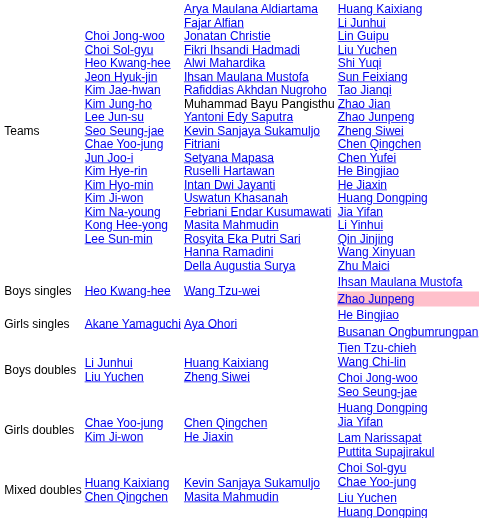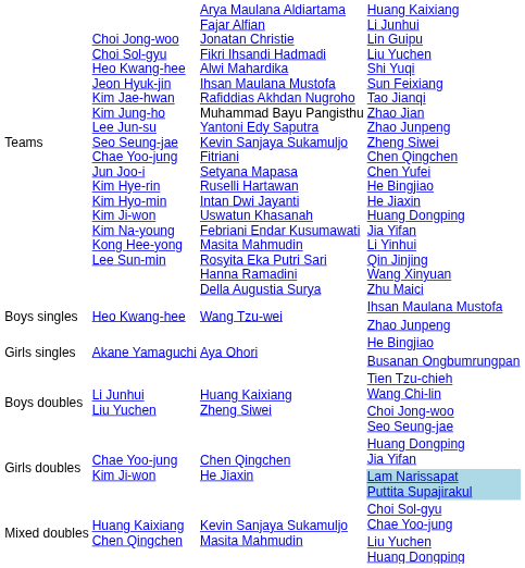 <table>
 <tr>
 <td>Teams<br></td>
 <td> <br><a href='#'>Choi Jong-woo</a><br><a href='#'>Choi Sol-gyu</a><br><a href='#'>Heo Kwang-hee</a><br><a href='#'>Jeon Hyuk-jin</a><br><a href='#'>Kim Jae-hwan</a><br><a href='#'>Kim Jung-ho</a><br><a href='#'>Lee Jun-su</a><br><a href='#'>Seo Seung-jae</a><br><a href='#'>Chae Yoo-jung</a><br><a href='#'>Jun Joo-i</a><br><a href='#'>Kim Hye-rin</a><br><a href='#'>Kim Hyo-min</a><br><a href='#'>Kim Ji-won</a><br><a href='#'>Kim Na-young</a><br><a href='#'>Kong Hee-yong</a><br><a href='#'>Lee Sun-min</a></td>
 <td> <br><a href='#'>Arya Maulana Aldiartama</a><br><a href='#'>Fajar Alfian</a><br><a href='#'>Jonatan Christie</a><br><a href='#'>Fikri Ihsandi Hadmadi</a><br><a href='#'>Alwi Mahardika</a><br><a href='#'>Ihsan Maulana Mustofa</a><br><a href='#'>Rafiddias Akhdan Nugroho</a><br>Muhammad Bayu Pangisthu<br><a href='#'>Yantoni Edy Saputra</a><br><a href='#'>Kevin Sanjaya Sukamuljo</a><br><a href='#'>Fitriani</a><br><a href='#'>Setyana Mapasa</a><br><a href='#'>Ruselli Hartawan</a><br><a href='#'>Intan Dwi Jayanti</a><br><a href='#'>Uswatun Khasanah</a><br><a href='#'>Febriani Endar Kusumawati</a><br><a href='#'>Masita Mahmudin</a><br><a href='#'>Rosyita Eka Putri Sari</a><br><a href='#'>Hanna Ramadini</a><br><a href='#'>Della Augustia Surya</a></td>
 <td> <br><a href='#'>Huang Kaixiang</a><br><a href='#'>Li Junhui</a><br><a href='#'>Lin Guipu</a><br><a href='#'>Liu Yuchen</a><br><a href='#'>Shi Yuqi</a><br><a href='#'>Sun Feixiang</a><br><a href='#'>Tao Jianqi</a><br><a href='#'>Zhao Jian</a><br><a href='#'>Zhao Junpeng</a><br><a href='#'>Zheng Siwei</a><br><a href='#'>Chen Qingchen</a><br><a href='#'>Chen Yufei</a><br><a href='#'>He Bingjiao</a><br><a href='#'>He Jiaxin</a><br><a href='#'>Huang Dongping</a><br><a href='#'>Jia Yifan</a><br><a href='#'>Li Yinhui</a><br><a href='#'>Qin Jinjing</a><br><a href='#'>Wang Xinyuan</a><br><a href='#'>Zhu Maici</a></td>
 </tr>
 <tr>
 <td rowspan=2>Boys singles<br></td>
 <td rowspan=2> <a href='#'>Heo Kwang-hee</a></td>
 <td rowspan=2> <a href='#'>Wang Tzu-wei</a></td>
 <td> <a href='#'>Ihsan Maulana Mustofa</a></td>
 </tr>
 <tr>
-<td style="background: pink;"> <a href='#'>Zhao Junpeng</a></td>
+<td> <a href='#'>Zhao Junpeng</a></td>
 </tr>
 <tr>
 <td rowspan=2>Girls singles<br></td>
 <td rowspan=2> <a href='#'>Akane Yamaguchi</a></td>
 <td rowspan=2> <a href='#'>Aya Ohori</a></td>
 <td> <a href='#'>He Bingjiao</a></td>
 </tr>
 <tr>
 <td> <a href='#'>Busanan Ongbumrungpan</a></td>
 </tr>
 <tr>
 <td rowspan=2>Boys doubles<br></td>
 <td rowspan=2> <a href='#'>Li Junhui</a><br> <a href='#'>Liu Yuchen</a></td>
 <td rowspan=2> <a href='#'>Huang Kaixiang</a><br> <a href='#'>Zheng Siwei</a></td>
 <td> <a href='#'>Tien Tzu-chieh</a><br> <a href='#'>Wang Chi-lin</a></td>
 </tr>
 <tr>
 <td> <a href='#'>Choi Jong-woo</a><br> <a href='#'>Seo Seung-jae</a></td>
 </tr>
 <tr>
 <td rowspan=2>Girls doubles<br></td>
 <td rowspan=2> <a href='#'>Chae Yoo-jung</a><br> <a href='#'>Kim Ji-won</a></td>
 <td rowspan=2> <a href='#'>Chen Qingchen</a><br> <a href='#'>He Jiaxin</a></td>
 <td> <a href='#'>Huang Dongping</a><br> <a href='#'>Jia Yifan</a></td>
 </tr>
 <tr>
-<td> <a href='#'>Lam Narissapat</a><br> <a href='#'>Puttita Supajirakul</a></td>
+<td style="background: lightblue;"> <a href='#'>Lam Narissapat</a><br> <a href='#'>Puttita Supajirakul</a></td>
 </tr>
 <tr>
 <td rowspan=2>Mixed doubles<br></td>
 <td rowspan=2> <a href='#'>Huang Kaixiang</a><br> <a href='#'>Chen Qingchen</a></td>
 <td rowspan=2> <a href='#'>Kevin Sanjaya Sukamuljo</a><br> <a href='#'>Masita Mahmudin</a></td>
 <td> <a href='#'>Choi Sol-gyu</a><br> <a href='#'>Chae Yoo-jung</a></td>
 </tr>
 <tr>
 <td> <a href='#'>Liu Yuchen</a><br> <a href='#'>Huang Dongping</a></td>
 </tr>
 </table>
